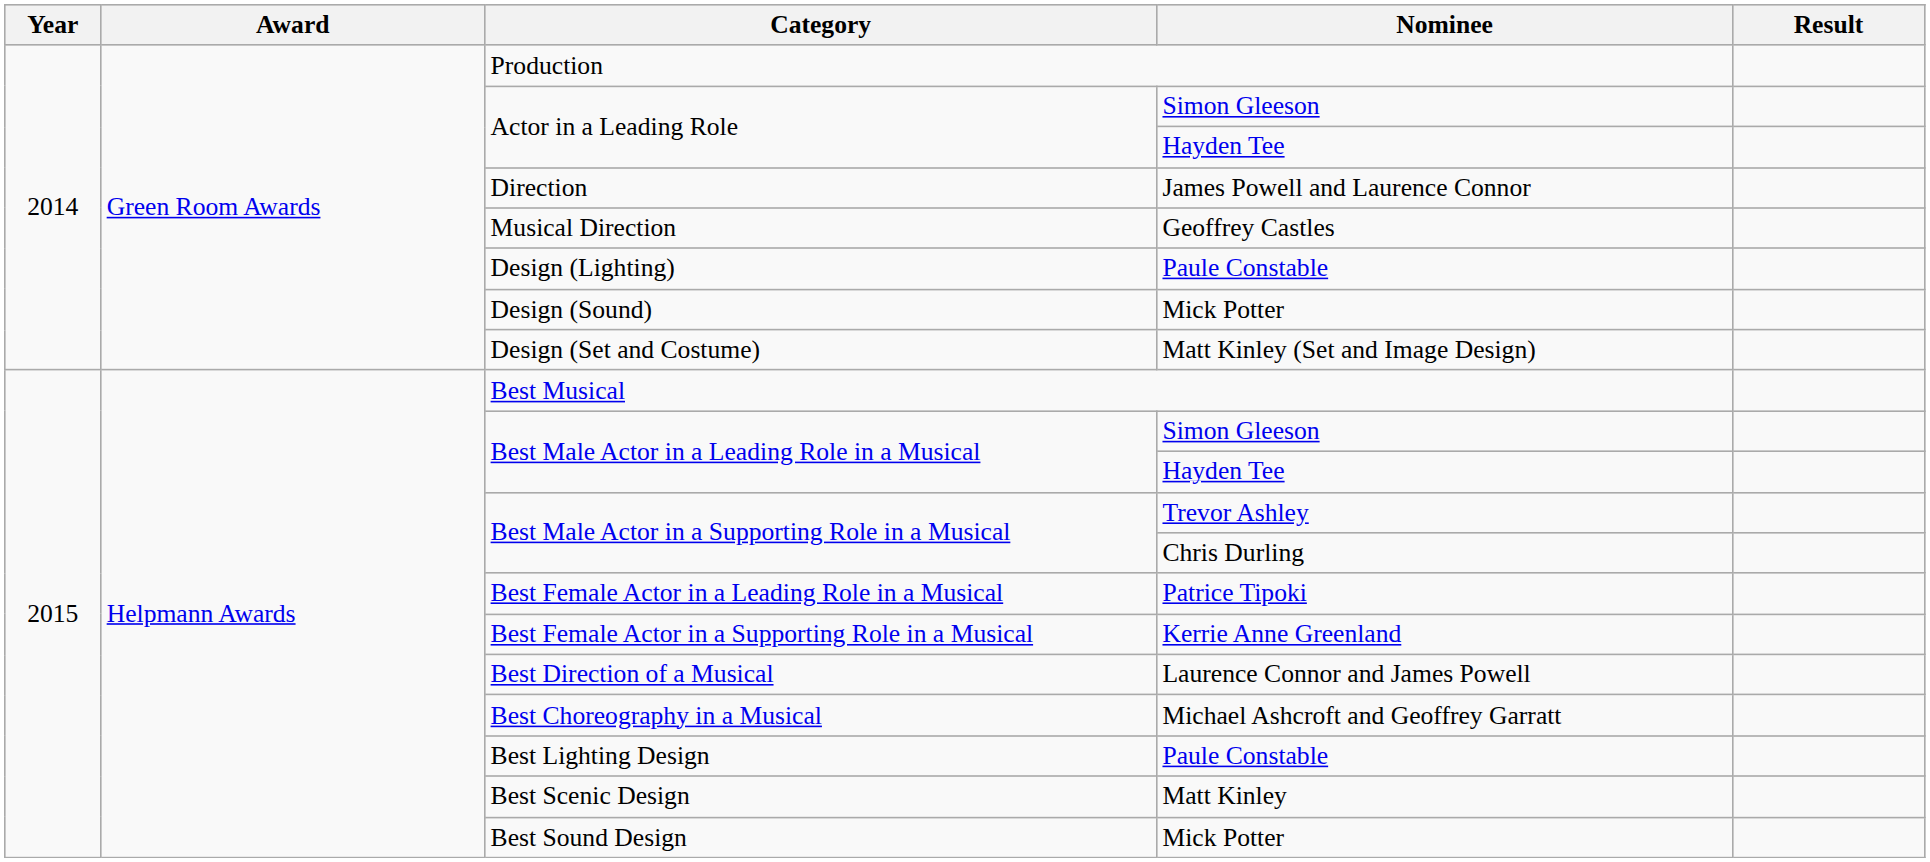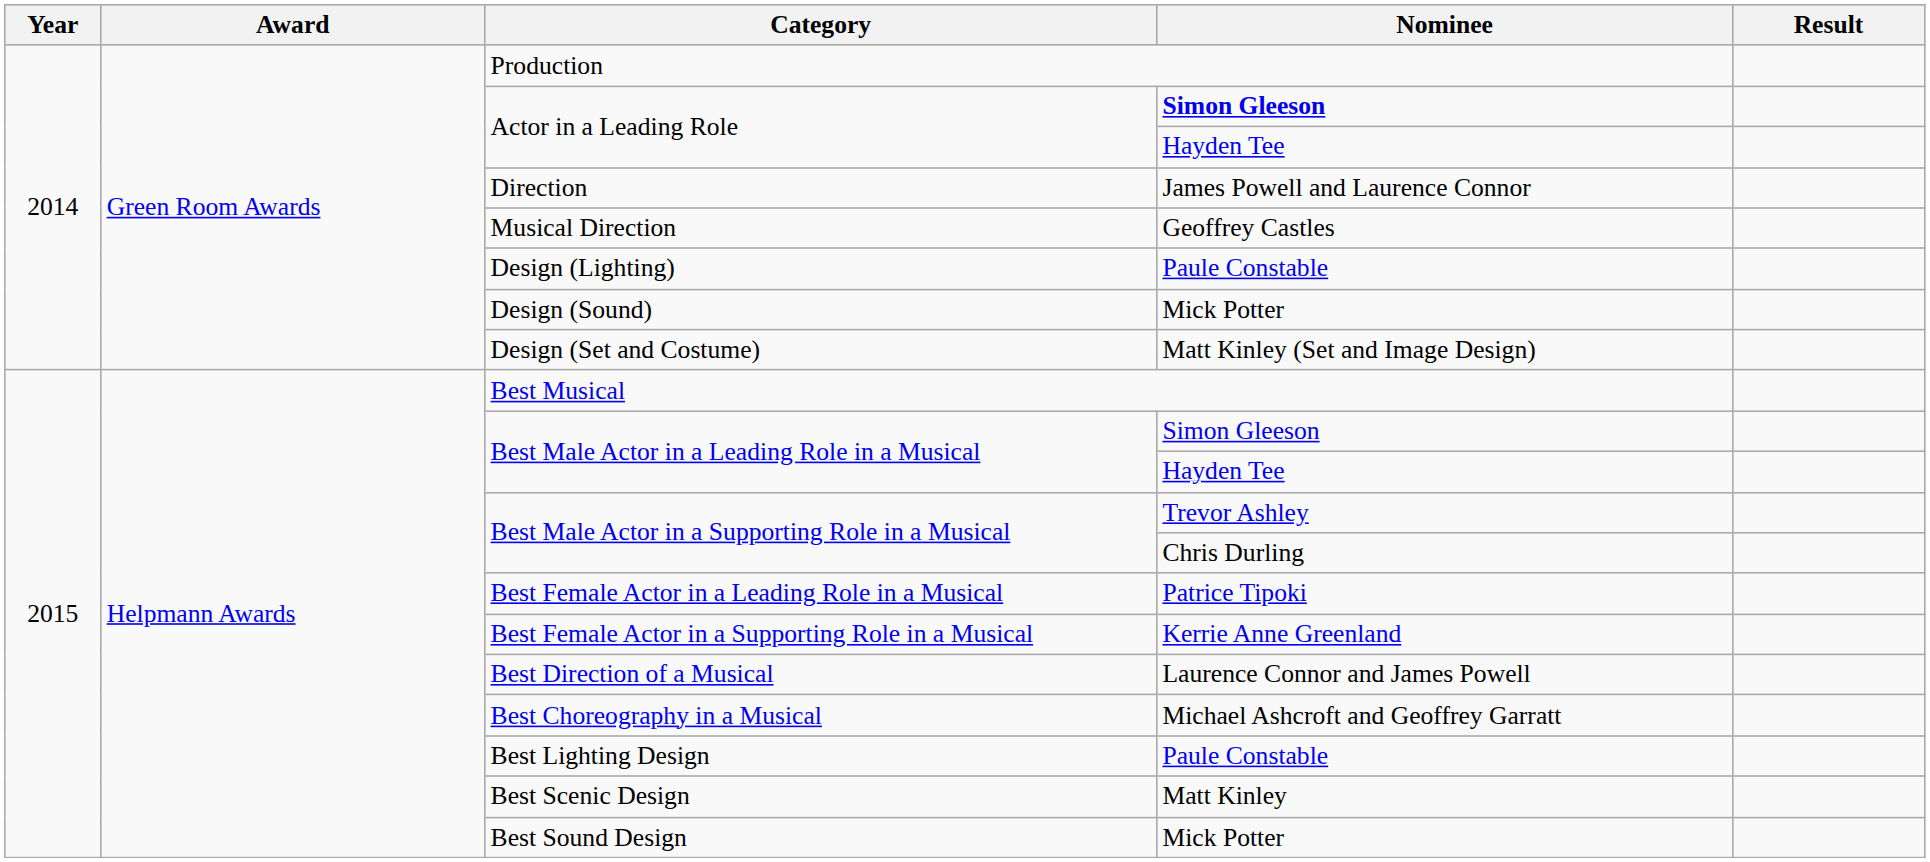 <table class="wikitable" style="width:95%;">
 <tr>
 <th style="width:5%;">Year</th>
 <th style="width:20%;">Award</th>
 <th style="width:35%;">Category</th>
 <th style="width:30%;">Nominee</th>
 <th style="width:10%;">Result</th>
 </tr>
 <tr>
 <td rowspan="8" style="text-align:center;">2014</td>
 <td rowspan="8"><a href='#'>Green Room Awards</a></td>
 <td colspan="2">Production</td>
 <td></td>
 </tr>
 <tr>
 <td rowspan="2">Actor in a Leading Role</td>
-<td><a href='#'>Simon Gleeson</a></td>
+<td><strong><a href='#'>Simon Gleeson</a></strong></td>
 <td></td>
 </tr>
 <tr>
 <td><a href='#'>Hayden Tee</a></td>
 <td></td>
 </tr>
 <tr>
 <td>Direction</td>
 <td>James Powell and Laurence Connor</td>
 <td></td>
 </tr>
 <tr>
 <td>Musical Direction</td>
 <td>Geoffrey Castles</td>
 <td></td>
 </tr>
 <tr>
 <td>Design (Lighting)</td>
 <td><a href='#'>Paule Constable</a></td>
 <td></td>
 </tr>
 <tr>
 <td>Design (Sound)</td>
 <td>Mick Potter</td>
 <td></td>
 </tr>
 <tr>
 <td>Design (Set and Costume)</td>
 <td>Matt Kinley (Set and Image Design)</td>
 <td></td>
 </tr>
 <tr>
 <td rowspan="12" style="text-align:center;">2015</td>
 <td rowspan="12"><a href='#'>Helpmann Awards</a></td>
 <td colspan="2"><a href='#'>Best Musical</a></td>
 <td></td>
 </tr>
 <tr>
 <td rowspan="2"><a href='#'>Best Male Actor in a Leading Role in a Musical</a></td>
 <td><a href='#'>Simon Gleeson</a></td>
 <td></td>
 </tr>
 <tr>
 <td><a href='#'>Hayden Tee</a></td>
 <td></td>
 </tr>
 <tr>
 <td rowspan="2"><a href='#'>Best Male Actor in a Supporting Role in a Musical</a></td>
 <td><a href='#'>Trevor Ashley</a></td>
 <td></td>
 </tr>
 <tr>
 <td>Chris Durling</td>
 <td></td>
 </tr>
 <tr>
 <td><a href='#'>Best Female Actor in a Leading Role in a Musical</a></td>
 <td><a href='#'>Patrice Tipoki</a></td>
 <td></td>
 </tr>
 <tr>
 <td><a href='#'>Best Female Actor in a Supporting Role in a Musical</a></td>
 <td><a href='#'>Kerrie Anne Greenland</a></td>
 <td></td>
 </tr>
 <tr>
 <td><a href='#'>Best Direction of a Musical</a></td>
 <td>Laurence Connor and James Powell</td>
 <td></td>
 </tr>
 <tr>
 <td><a href='#'>Best Choreography in a Musical</a></td>
 <td>Michael Ashcroft and Geoffrey Garratt</td>
 <td></td>
 </tr>
 <tr>
 <td>Best Lighting Design</td>
 <td><a href='#'>Paule Constable</a></td>
 <td></td>
 </tr>
 <tr>
 <td>Best Scenic Design</td>
 <td>Matt Kinley</td>
 <td></td>
 </tr>
 <tr>
 <td>Best Sound Design</td>
 <td>Mick Potter</td>
 <td></td>
 </tr>
 </table>
